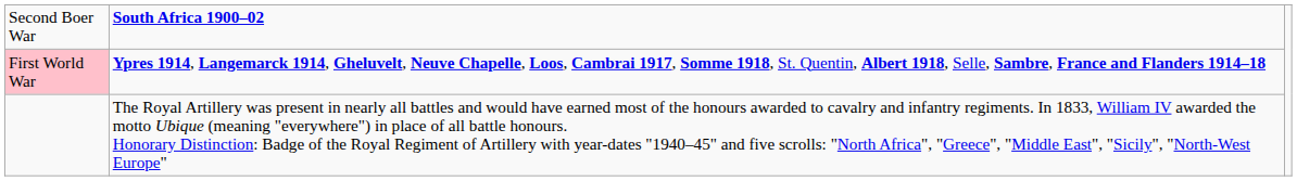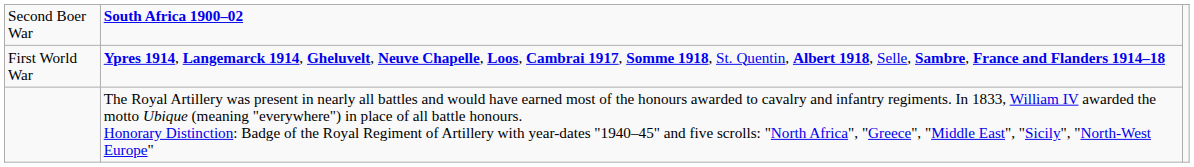 <table class="wikitable">
 <tr valign=top>
 <td>Second Boer War</td>
 <td><strong><a href='#'>South Africa 1900–02</a></strong></td>
 <td rowspan=3></td>
 </tr>
 <tr valign=top>
-<td style="background: pink;">First World War</td>
+<td>First World War</td>
 <td><strong><a href='#'>Ypres 1914</a></strong>, <strong><a href='#'>Langemarck 1914</a></strong>, <strong><a href='#'>Gheluvelt</a></strong>, <strong><a href='#'>Neuve Chapelle</a></strong>, <strong><a href='#'>Loos</a></strong>, <strong><a href='#'>Cambrai 1917</a></strong>, <strong><a href='#'>Somme 1918</a></strong>, <a href='#'>St. Quentin</a>, <strong><a href='#'>Albert 1918</a></strong>, <a href='#'>Selle</a>, <strong><a href='#'>Sambre</a></strong>, <strong><a href='#'>France and Flanders 1914–18</a></strong></td>
 </tr>
 <tr valign=top>
 <td></td>
 <td>The Royal Artillery was present in nearly all battles and would have earned most of the honours awarded to cavalry and infantry regiments. In 1833, <a href='#'>William IV</a> awarded the motto <em>Ubique</em> (meaning "everywhere") in place of all battle honours.<br><a href='#'>Honorary Distinction</a>: Badge of the Royal Regiment of Artillery with year-dates "1940–45" and five scrolls: "<a href='#'>North Africa</a>", "<a href='#'>Greece</a>", "<a href='#'>Middle East</a>", "<a href='#'>Sicily</a>", "<a href='#'>North-West Europe</a>"</td>
 </tr>
 </table>
